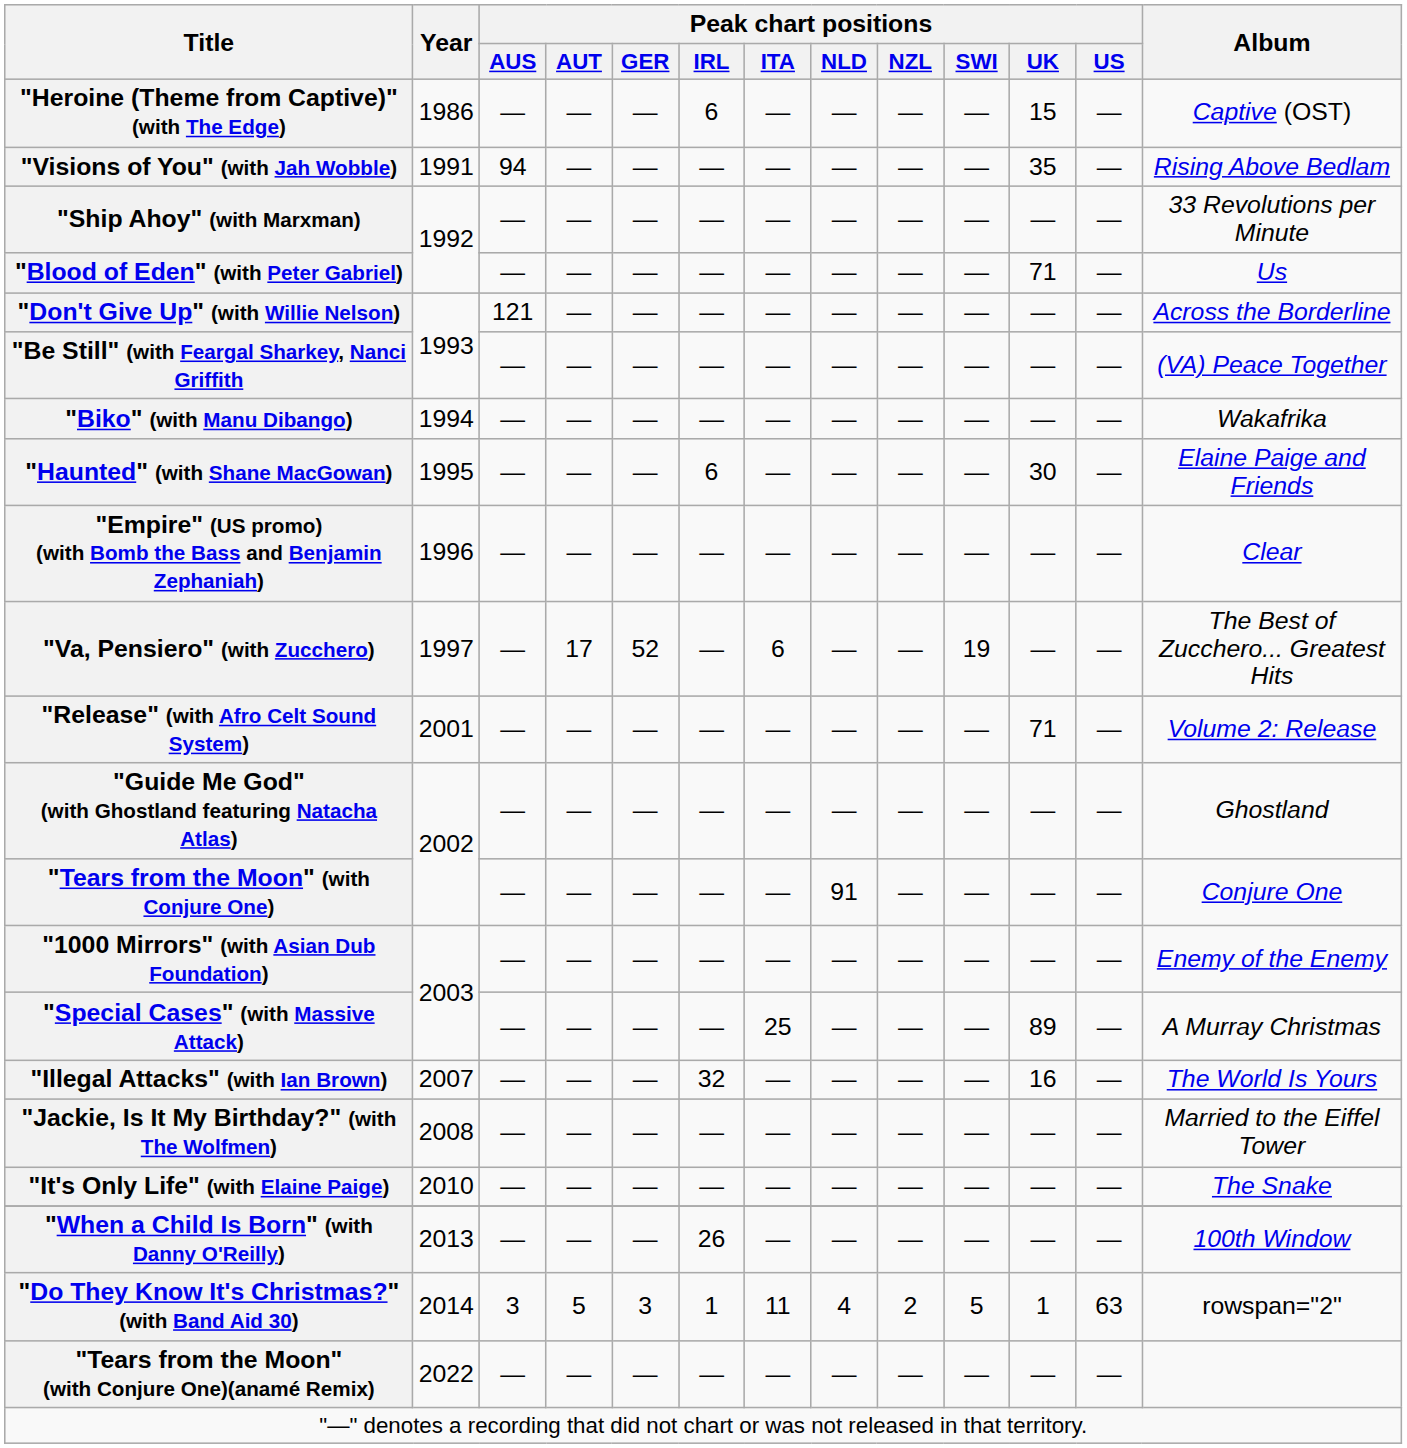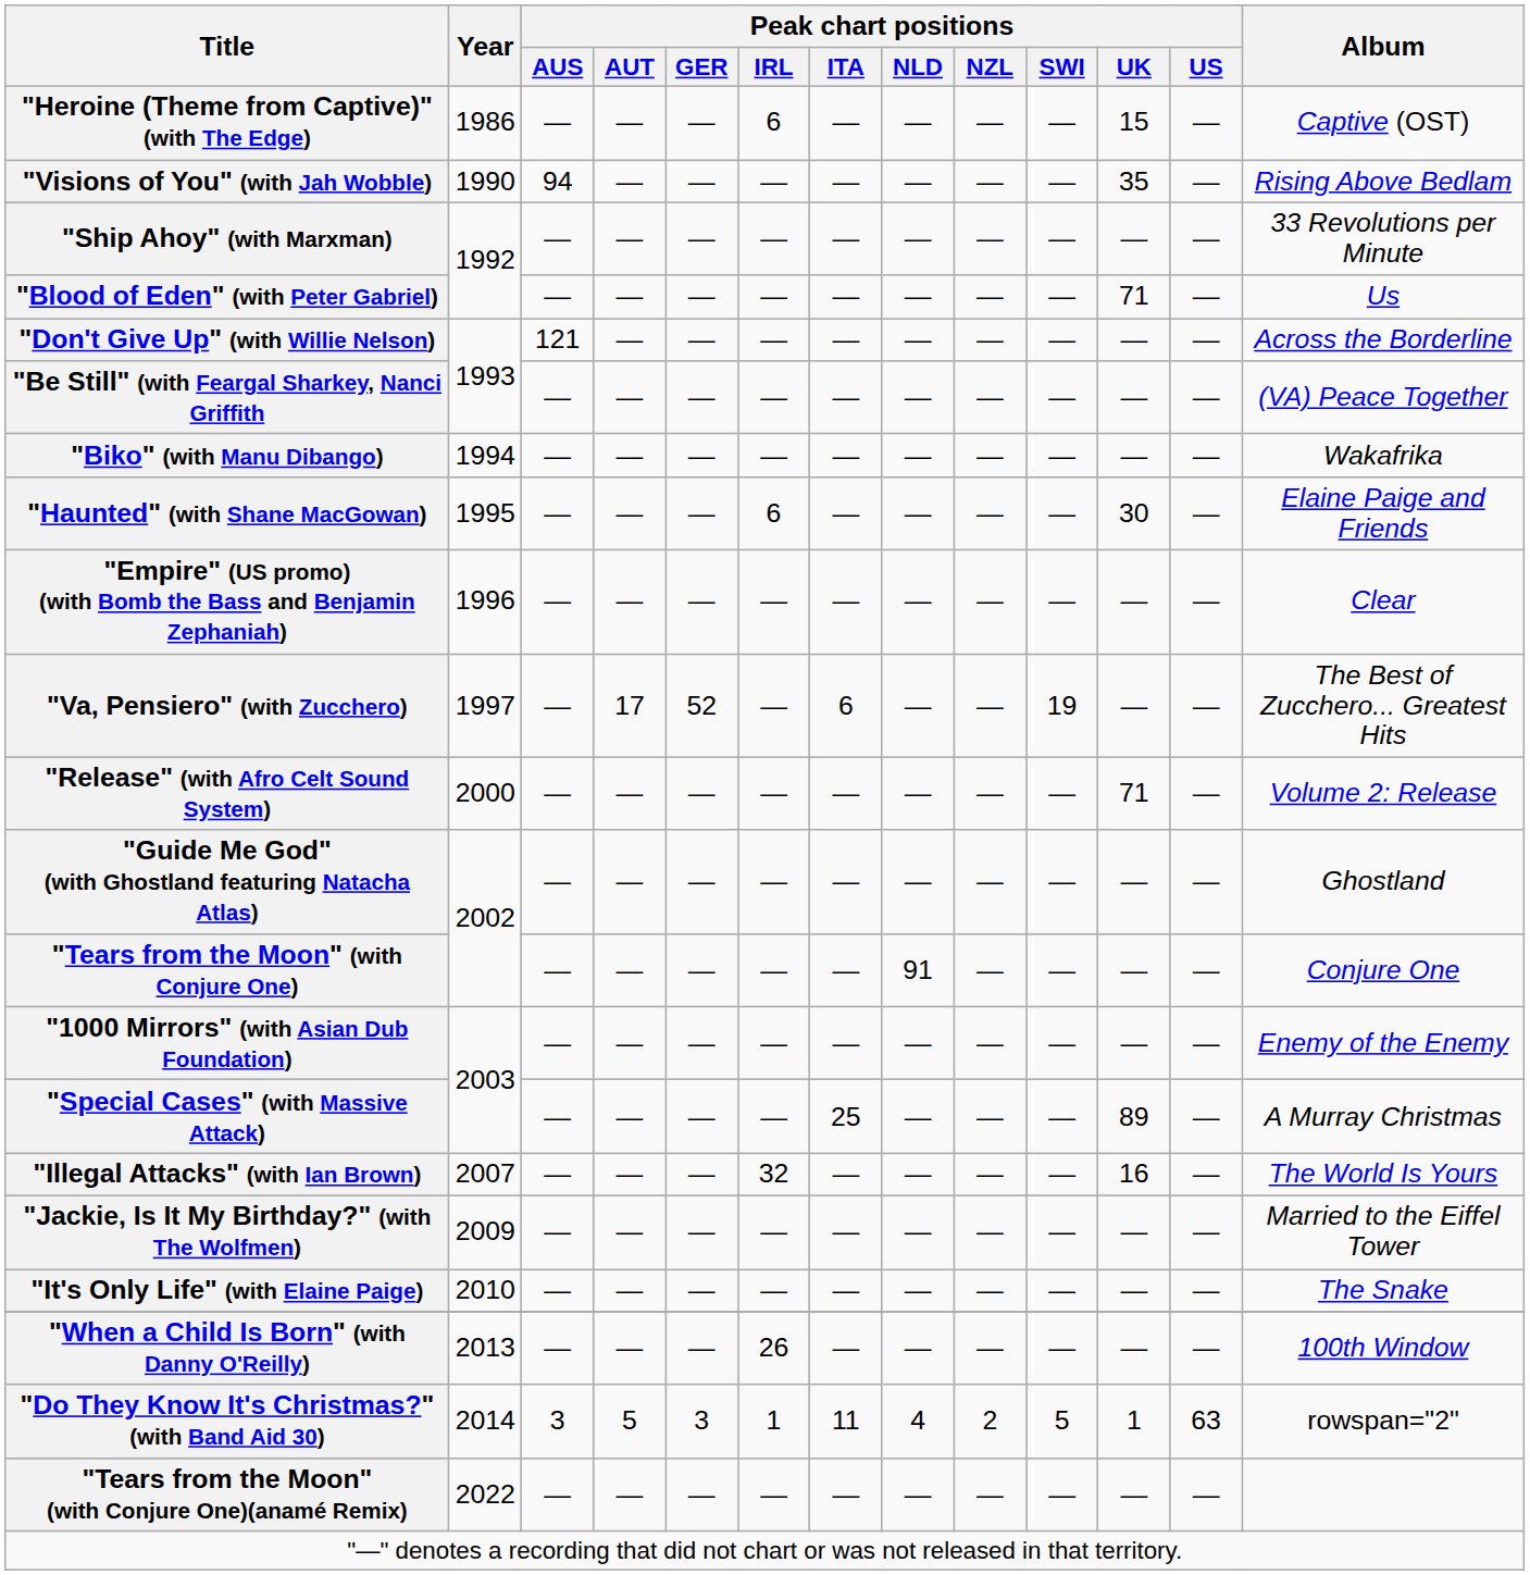 <table class="wikitable plainrowheaders" style="text-align:center;" border="1">
 <tr>
 <th scope="col" rowspan="2" style="width:16em;">Title</th>
 <th scope="col" rowspan="2" style="width:2.2em;">Year</th>
 <th scope="col" colspan="10">Peak chart positions</th>
 <th scope="col" rowspan="2" style="width:10em;">Album</th>
 </tr>
 <tr>
 <th scope="col" style="width:2.5em;font-size:90%;"><a href='#'>AUS</a> <br></th>
 <th scope="col" style="width:2.5em;font-size:90%;"><a href='#'>AUT</a> <br></th>
 <th scope="col" style="width:2.5em;font-size:90%;"><a href='#'>GER</a> <br></th>
 <th scope="col" style="width:2.5em;font-size:90%;"><a href='#'>IRL</a> <br></th>
 <th scope="col" style="width:2.5em;font-size:90%;"><a href='#'>ITA</a> <br></th>
 <th scope="col" style="width:2.5em;font-size:90%;"><a href='#'>NLD</a> <br></th>
 <th scope="col" style="width:2.5em;font-size:90%;"><a href='#'>NZL</a> <br></th>
 <th scope="col" style="width:2.5em;font-size:90%;"><a href='#'>SWI</a> <br></th>
 <th scope="col" style="width:2.5em;font-size:90%;"><a href='#'>UK</a> <br></th>
 <th scope="col" style="width:2.5em;font-size:90%;"><a href='#'>US</a> <br></th>
 </tr>
 <tr>
 <th scope="row">"Heroine (Theme from Captive)"<br><small>(with <a href='#'>The Edge</a>)</small></th>
 <td>1986</td>
 <td>—</td>
 <td>—</td>
 <td>—</td>
 <td>6</td>
 <td>—</td>
 <td>—</td>
 <td>—</td>
 <td>—</td>
 <td>15</td>
 <td>—</td>
 <td><em><a href='#'>Captive</a></em> (OST)</td>
 </tr>
 <tr>
 <th scope="row">"Visions of You" <small>(with <a href='#'>Jah Wobble</a>)</small></th>
-<td>1991</td>
+<td>1990</td>
 <td>94</td>
 <td>—</td>
 <td>—</td>
 <td>—</td>
 <td>—</td>
 <td>—</td>
 <td>—</td>
 <td>—</td>
 <td>35</td>
 <td>—</td>
 <td><em><a href='#'>Rising Above Bedlam</a></em></td>
 </tr>
 <tr>
 <th scope="row">"Ship Ahoy" <small>(with Marxman)</small></th>
 <td rowspan="2">1992</td>
 <td>—</td>
 <td>—</td>
 <td>—</td>
 <td>—</td>
 <td>—</td>
 <td>—</td>
 <td>—</td>
 <td>—</td>
 <td>—</td>
 <td>—</td>
 <td><em>33 Revolutions per Minute</em></td>
 </tr>
 <tr>
 <th scope="row">"<a href='#'>Blood of Eden</a>" <small>(with <a href='#'>Peter Gabriel</a>)</small></th>
 <td>—</td>
 <td>—</td>
 <td>—</td>
 <td>—</td>
 <td>—</td>
 <td>—</td>
 <td>—</td>
 <td>—</td>
 <td>71</td>
 <td>—</td>
 <td><em><a href='#'>Us</a></em></td>
 </tr>
 <tr>
 <th scope="row">"<a href='#'>Don't Give Up</a>" <small>(with <a href='#'>Willie Nelson</a>)</small></th>
 <td rowspan="2">1993</td>
 <td>121</td>
 <td>—</td>
 <td>—</td>
 <td>—</td>
 <td>—</td>
 <td>—</td>
 <td>—</td>
 <td>—</td>
 <td>—</td>
 <td>—</td>
 <td><em><a href='#'>Across the Borderline</a></em></td>
 </tr>
 <tr>
 <th scope="row">"Be Still" <small>(with <a href='#'>Feargal Sharkey</a>, <a href='#'>Nanci Griffith</a> </small></th>
 <td>—</td>
 <td>—</td>
 <td>—</td>
 <td>—</td>
 <td>—</td>
 <td>—</td>
 <td>—</td>
 <td>—</td>
 <td>—</td>
 <td>—</td>
 <td><em><a href='#'>(VA) Peace Together</a></em></td>
 </tr>
 <tr>
 <th scope="row">"<a href='#'>Biko</a>" <small>(with <a href='#'>Manu Dibango</a>)</small></th>
 <td>1994</td>
 <td>—</td>
 <td>—</td>
 <td>—</td>
 <td>—</td>
 <td>—</td>
 <td>—</td>
 <td>—</td>
 <td>—</td>
 <td>—</td>
 <td>—</td>
 <td><em>Wakafrika</em></td>
 </tr>
 <tr>
 <th scope="row">"<a href='#'>Haunted</a>" <small>(with <a href='#'>Shane MacGowan</a>)</small></th>
 <td>1995</td>
 <td>—</td>
 <td>—</td>
 <td>—</td>
 <td>6</td>
 <td>—</td>
 <td>—</td>
 <td>—</td>
 <td>—</td>
 <td>30</td>
 <td>—</td>
 <td><em><a href='#'>Elaine Paige and Friends</a></em></td>
 </tr>
 <tr>
 <th scope="row">"Empire" <small>(US promo)</small><br><small>(with <a href='#'>Bomb the Bass</a> and <a href='#'>Benjamin Zephaniah</a>)</small></th>
 <td>1996</td>
 <td>—</td>
 <td>—</td>
 <td>—</td>
 <td>—</td>
 <td>—</td>
 <td>—</td>
 <td>—</td>
 <td>—</td>
 <td>—</td>
 <td>—</td>
 <td><em><a href='#'>Clear</a></em></td>
 </tr>
 <tr>
 <th scope="row">"Va, Pensiero" <small>(with <a href='#'>Zucchero</a>)</small></th>
 <td>1997</td>
 <td>—</td>
 <td>17</td>
 <td>52</td>
 <td>—</td>
 <td>6</td>
 <td>—</td>
 <td>—</td>
 <td>19</td>
 <td>—</td>
 <td>—</td>
 <td><em>The Best of Zucchero... Greatest Hits</em></td>
 </tr>
 <tr>
 <th scope="row">"Release" <small>(with <a href='#'>Afro Celt Sound System</a>)</small></th>
-<td>2001</td>
+<td>2000</td>
 <td>—</td>
 <td>—</td>
 <td>—</td>
 <td>—</td>
 <td>—</td>
 <td>—</td>
 <td>—</td>
 <td>—</td>
 <td>71</td>
 <td>—</td>
 <td><em><a href='#'>Volume 2: Release</a></em></td>
 </tr>
 <tr>
 <th scope="row">"Guide Me God"<br><small>(with Ghostland featuring <a href='#'>Natacha Atlas</a>)</small></th>
 <td rowspan="2">2002</td>
 <td>—</td>
 <td>—</td>
 <td>—</td>
 <td>—</td>
 <td>—</td>
 <td>—</td>
 <td>—</td>
 <td>—</td>
 <td>—</td>
 <td>—</td>
 <td><em>Ghostland</em></td>
 </tr>
 <tr>
 <th scope="row">"<a href='#'>Tears from the Moon</a>" <small>(with <a href='#'>Conjure One</a>)</small></th>
 <td>—</td>
 <td>—</td>
 <td>—</td>
 <td>—</td>
 <td>—</td>
 <td>91</td>
 <td>—</td>
 <td>—</td>
 <td>—</td>
 <td>—</td>
 <td><em><a href='#'>Conjure One</a></em></td>
 </tr>
 <tr>
 <th scope="row">"1000 Mirrors" <small>(with <a href='#'>Asian Dub Foundation</a>)</small></th>
 <td rowspan="2">2003</td>
 <td>—</td>
 <td>—</td>
 <td>—</td>
 <td>—</td>
 <td>—</td>
 <td>—</td>
 <td>—</td>
 <td>—</td>
 <td>—</td>
 <td>—</td>
 <td><em><a href='#'>Enemy of the Enemy</a></em></td>
 </tr>
 <tr>
 <th scope="row">"<a href='#'>Special Cases</a>" <small>(with <a href='#'>Massive Attack</a>)</small></th>
 <td>—</td>
 <td>—</td>
 <td>—</td>
 <td>—</td>
 <td>25</td>
 <td>—</td>
 <td>—</td>
 <td>—</td>
 <td>89</td>
 <td>—</td>
 <td><em>A Murray Christmas</em></td>
 </tr>
 <tr>
 <th scope="row">"Illegal Attacks" <small>(with <a href='#'>Ian Brown</a>)</small></th>
 <td>2007</td>
 <td>—</td>
 <td>—</td>
 <td>—</td>
 <td>32</td>
 <td>—</td>
 <td>—</td>
 <td>—</td>
 <td>—</td>
 <td>16</td>
 <td>—</td>
 <td><em><a href='#'>The World Is Yours</a></em></td>
 </tr>
 <tr>
 <th scope="row">"Jackie, Is It My Birthday?" <small>(with <a href='#'>The Wolfmen</a>)</small></th>
-<td>2008</td>
+<td>2009</td>
 <td>—</td>
 <td>—</td>
 <td>—</td>
 <td>—</td>
 <td>—</td>
 <td>—</td>
 <td>—</td>
 <td>—</td>
 <td>—</td>
 <td>—</td>
 <td><em>Married to the Eiffel Tower</em></td>
 </tr>
 <tr>
 <th scope="row">"It's Only Life" <small>(with <a href='#'>Elaine Paige</a>)</small></th>
 <td>2010</td>
 <td>—</td>
 <td>—</td>
 <td>—</td>
 <td>—</td>
 <td>—</td>
 <td>—</td>
 <td>—</td>
 <td>—</td>
 <td>—</td>
 <td>—</td>
 <td><em><a href='#'>The Snake</a></em></td>
 </tr>
 <tr>
 </tr>
 <tr>
 <th scope="row">"<a href='#'>When a Child Is Born</a>" <small>(with <a href='#'>Danny O'Reilly</a>)</small></th>
 <td>2013</td>
 <td>—</td>
 <td>—</td>
 <td>—</td>
 <td>26</td>
 <td>—</td>
 <td>—</td>
 <td>—</td>
 <td>—</td>
 <td>—</td>
 <td>—</td>
 <td><em><a href='#'>100th Window</a></em></td>
 </tr>
 <tr>
 <th scope="row">"<a href='#'>Do They Know It's Christmas?</a>"<br><small>(with <a href='#'>Band Aid 30</a>)</small></th>
 <td>2014</td>
 <td>3</td>
 <td>5</td>
 <td>3</td>
 <td>1</td>
 <td>11</td>
 <td>4</td>
 <td>2</td>
 <td>5</td>
 <td>1</td>
 <td>63</td>
 <td>rowspan="2" </td>
 </tr>
 <tr>
 <th scope="row">"Tears from the Moon"<br><small>(with Conjure One)(anamé Remix)</small></th>
 <td>2022</td>
 <td>—</td>
 <td>—</td>
 <td>—</td>
 <td>—</td>
 <td>—</td>
 <td>—</td>
 <td>—</td>
 <td>—</td>
 <td>—</td>
 <td>—</td>
 </tr>
 <tr>
 <td colspan="13" style="font-size:90%">"—" denotes a recording that did not chart or was not released in that territory.</td>
 </tr>
 </table>
